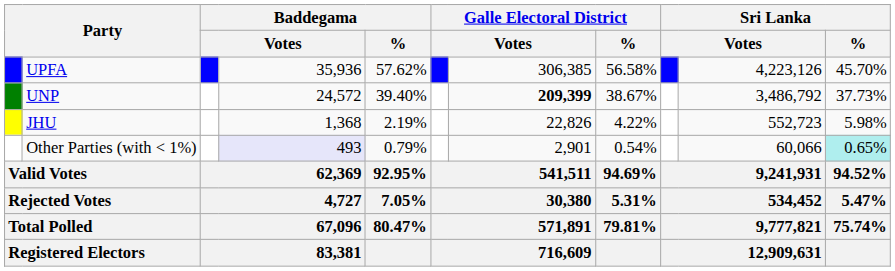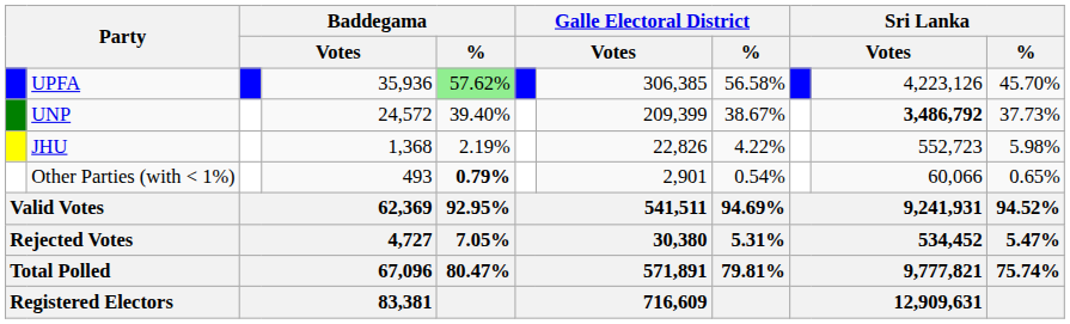 <table class="wikitable">
 <tr>
 <th colspan="2" width="144px"rowspan="2">Party</th>
 <th colspan="3" width="216px">Baddegama</th>
 <th colspan="3" width="216px"><a href='#'>Galle Electoral District</a></th>
 <th colspan="3" width="216px">Sri Lanka</th>
 </tr>
 <tr>
 <th colspan="2" width="144px">Votes</th>
 <th>%</th>
 <th colspan="2" width="144px">Votes</th>
 <th>%</th>
 <th colspan="2" width="144px">Votes</th>
 <th>%</th>
 </tr>
 <tr>
 <td style="background-color:blue;" width="10px"></td>
 <td style="text-align:left;"><a href='#'>UPFA</a></td>
 <td style="background-color:blue;" width="10px"></td>
 <td style="text-align:right;">35,936</td>
-<td style="text-align:right;">57.62%</td>
+<td style="background: lightgreen; text-align:right;">57.62%</td>
 <td style="background-color:blue;" width="10px"></td>
 <td style="text-align:right;">306,385</td>
 <td style="text-align:right;">56.58%</td>
 <td style="background-color:blue;" width="10px"></td>
 <td style="text-align:right;">4,223,126</td>
 <td style="text-align:right;">45.70%</td>
 </tr>
 <tr>
 <td style="background-color:green;" width="10px"></td>
 <td style="text-align:left;"><a href='#'>UNP</a></td>
 <td style="background-color:white;" width="10px"></td>
 <td style="text-align:right;">24,572</td>
 <td style="text-align:right;">39.40%</td>
 <td style="background-color:white;" width="10px"></td>
-<td style="text-align:right;"><strong>209,399</strong></td>
+<td style="text-align:right;">209,399</td>
 <td style="text-align:right;">38.67%</td>
 <td style="background-color:white;" width="10px"></td>
-<td style="text-align:right;">3,486,792</td>
+<td style="text-align:right;"><strong>3,486,792</strong></td>
 <td style="text-align:right;">37.73%</td>
 </tr>
 <tr>
 <td style="background-color:yellow;" width="10px"></td>
 <td style="text-align:left;"><a href='#'>JHU</a></td>
 <td style="background-color:white;" width="10px"></td>
 <td style="text-align:right;">1,368</td>
 <td style="text-align:right;">2.19%</td>
 <td style="background-color:white;" width="10px"></td>
 <td style="text-align:right;">22,826</td>
 <td style="text-align:right;">4.22%</td>
 <td style="background-color:white;" width="10px"></td>
 <td style="text-align:right;">552,723</td>
 <td style="text-align:right;">5.98%</td>
 </tr>
 <tr>
 <td style="background-color:white;" width="10px"></td>
 <td style="text-align:left;">Other Parties (with < 1%)</td>
 <td style="background-color:white;" width="10px"></td>
-<td style="background: lavender; text-align:right;">493</td>
-<td style="text-align:right;">0.79%</td>
+<td style="text-align:right;">493</td>
+<td style="text-align:right;"><strong>0.79%</strong></td>
 <td style="background-color:white;" width="10px"></td>
 <td style="text-align:right;">2,901</td>
 <td style="text-align:right;">0.54%</td>
 <td style="background-color:white;" width="10px"></td>
 <td style="text-align:right;">60,066</td>
-<td style="background: paleturquoise; text-align:right;">0.65%</td>
+<td style="text-align:right;">0.65%</td>
 </tr>
 <tr>
 <th colspan="2" width="144px"style="text-align:left;">Valid Votes</th>
 <th style="text-align:right;"colspan="2" width="144px">62,369</th>
 <th style="text-align:right;">92.95%</th>
 <th style="text-align:right;"colspan="2" width="144px">541,511</th>
 <th style="text-align:right;">94.69%</th>
 <th style="text-align:right;"colspan="2" width="144px">9,241,931</th>
 <th style="text-align:right;">94.52%</th>
 </tr>
 <tr>
 <th colspan="2" width="144px"style="text-align:left;">Rejected Votes</th>
 <th style="text-align:right;"colspan="2" width="144px">4,727</th>
 <th style="text-align:right;">7.05%</th>
 <th style="text-align:right;"colspan="2" width="144px">30,380</th>
 <th style="text-align:right;">5.31%</th>
 <th style="text-align:right;"colspan="2" width="144px">534,452</th>
 <th style="text-align:right;">5.47%</th>
 </tr>
 <tr>
 <th colspan="2" width="144px"style="text-align:left;">Total Polled</th>
 <th style="text-align:right;"colspan="2" width="144px">67,096</th>
 <th style="text-align:right;">80.47%</th>
 <th style="text-align:right;"colspan="2" width="144px">571,891</th>
 <th style="text-align:right;">79.81%</th>
 <th style="text-align:right;"colspan="2" width="144px">9,777,821</th>
 <th style="text-align:right;">75.74%</th>
 </tr>
 <tr>
 <th colspan="2" width="144px"style="text-align:left;">Registered Electors</th>
 <th style="text-align:right;"colspan="2" width="144px">83,381</th>
 <th></th>
 <th style="text-align:right;"colspan="2" width="144px">716,609</th>
 <th></th>
 <th style="text-align:right;"colspan="2" width="144px">12,909,631</th>
 <th></th>
 </tr>
 </table>
